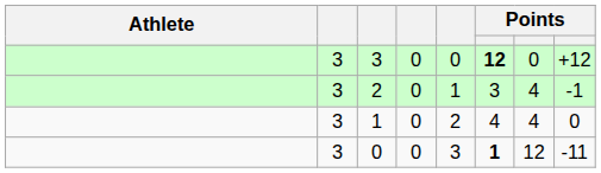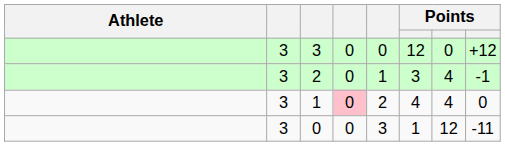 <table class="wikitable" style="text-align: center; font-size:100% ">
 <tr>
 <th rowspan=2 width=250>Athlete</th>
 <th rowspan=2 width=25></th>
 <th rowspan=2 width=25></th>
 <th rowspan=2 width=25></th>
 <th rowspan=2 width=25></th>
 <th colspan=3>Points</th>
 </tr>
 <tr>
 <th width=25></th>
 <th width=25></th>
 <th width=25></th>
 </tr>
 <tr bgcolor="ccffcc">
 <td align=left></td>
 <td>3</td>
 <td>3</td>
 <td>0</td>
 <td>0</td>
-<td><strong>12</strong></td>
+<td>12</td>
 <td>0</td>
 <td>+12</td>
 </tr>
 <tr bgcolor="ccffcc">
 <td align=left></td>
 <td>3</td>
 <td>2</td>
 <td>0</td>
 <td>1</td>
 <td>3</td>
 <td>4</td>
 <td>-1</td>
 </tr>
 <tr>
 <td align=left></td>
 <td>3</td>
 <td>1</td>
-<td>0</td>
+<td style="background: pink;">0</td>
 <td>2</td>
 <td>4</td>
 <td>4</td>
 <td>0</td>
 </tr>
 <tr>
 <td align=left></td>
 <td>3</td>
 <td>0</td>
 <td>0</td>
 <td>3</td>
-<td><strong>1</strong></td>
+<td>1</td>
 <td>12</td>
 <td>-11</td>
 </tr>
 </table>
